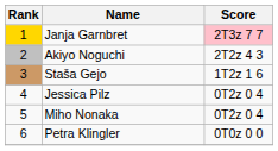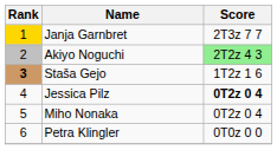 <table class="wikitable">
 <tr>
 <th>Rank</th>
 <th width = "200">Name</th>
 <th width = "80">Score</th>
 </tr>
 <tr>
 <td align="center" style="background: gold">1</td>
 <td> Janja Garnbret</td>
-<td align="center" style="background: pink;">2T3z 7 7</td>
+<td align="center">2T3z 7 7</td>
 </tr>
 <tr>
 <td align="center" style="background: silver">2</td>
 <td> Akiyo Noguchi</td>
-<td align="center">2T2z 4 3</td>
+<td align="center" style="background: lightgreen;">2T2z 4 3</td>
 </tr>
 <tr>
-<td align="center" style="background: #cc9966">3</td>
+<td align="center" style="background: #cc9966"><strong>3</strong></td>
 <td> Staša Gejo</td>
 <td align="center">1T2z 1 6</td>
 </tr>
 <tr>
 <td align="center">4</td>
 <td> Jessica Pilz</td>
-<td align="center">0T2z 0 4</td>
+<td align="center"><strong>0T2z 0 4</strong></td>
 </tr>
 <tr>
 <td align="center">5</td>
 <td> Miho Nonaka</td>
 <td align="center">0T2z 0 4</td>
 </tr>
 <tr>
 <td align="center">6</td>
 <td> Petra Klingler</td>
 <td align="center">0T0z 0 0</td>
 </tr>
 <tr>
 </tr>
 </table>
